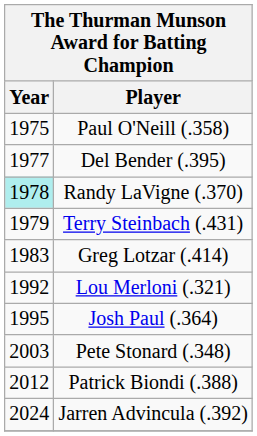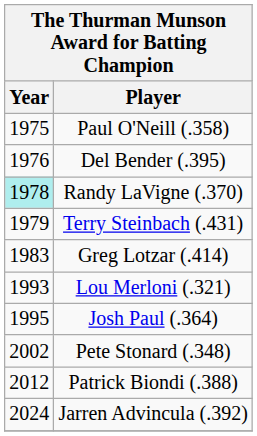 <table class="wikitable" style="display: inline-table; margin-right: 20px; text-align:center">
 <tr>
 <th scope="col" colspan="2" style="width: 145px;">The Thurman Munson Award for Batting Champion</th>
 </tr>
 <tr>
 <th scope="col">Year</th>
 <th scope="col">Player</th>
 </tr>
 <tr>
 <td>1975</td>
 <td>Paul O'Neill (.358)</td>
 </tr>
 <tr>
-<td>1977</td>
+<td>1976</td>
 <td>Del Bender (.395)</td>
 </tr>
 <tr>
 <td style="background: paleturquoise;">1978</td>
 <td>Randy LaVigne (.370)</td>
 </tr>
 <tr>
 <td>1979</td>
 <td><a href='#'>Terry Steinbach</a> (.431)</td>
 </tr>
 <tr>
 <td>1983</td>
 <td>Greg Lotzar (.414)</td>
 </tr>
 <tr>
-<td>1992</td>
+<td>1993</td>
 <td><a href='#'>Lou Merloni</a> (.321)</td>
 </tr>
 <tr>
 <td>1995</td>
 <td><a href='#'>Josh Paul</a> (.364)</td>
 </tr>
 <tr>
-<td>2003</td>
+<td>2002</td>
 <td>Pete Stonard (.348)</td>
 </tr>
 <tr>
 <td>2012</td>
 <td>Patrick Biondi (.388)</td>
 </tr>
 <tr>
 <td>2024</td>
 <td>Jarren Advincula (.392)</td>
 </tr>
 <tr>
 </tr>
 </table>
